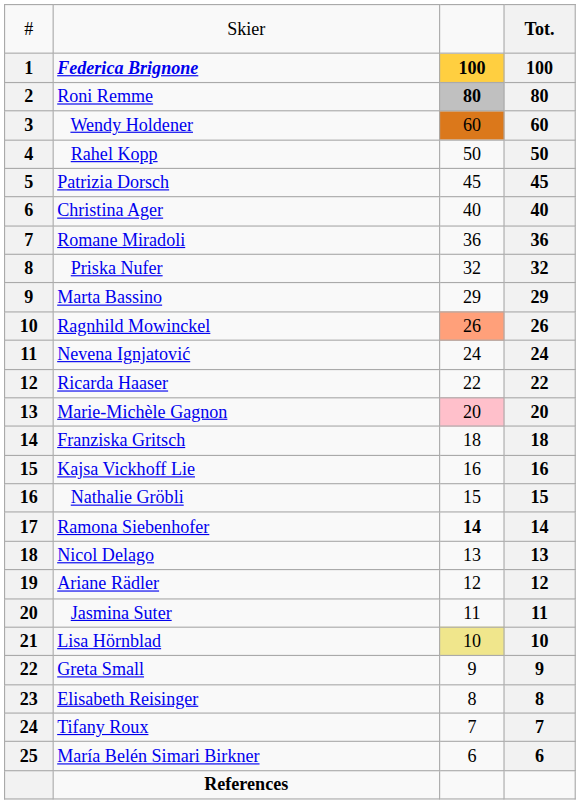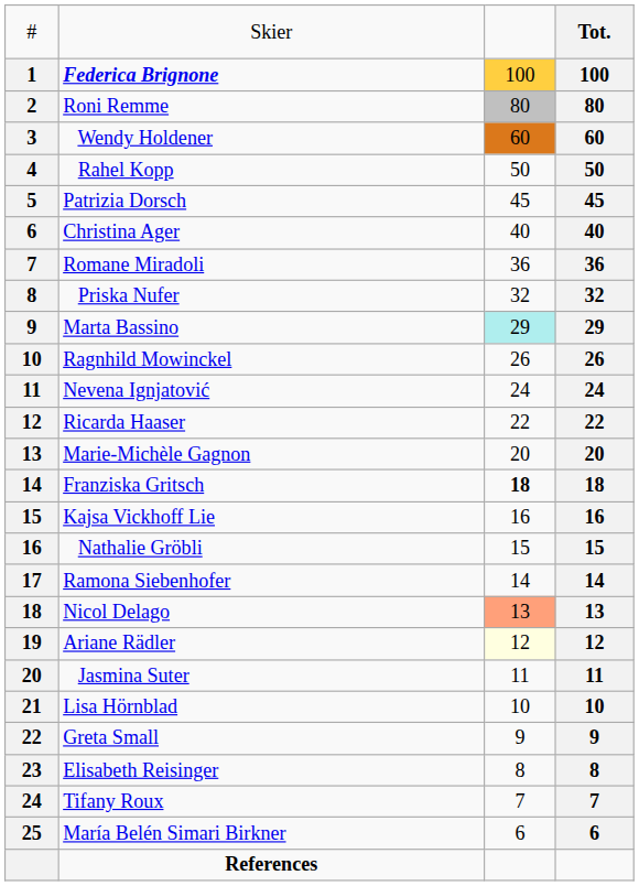 <table class="wikitable" width=40% style="font-size:100%; text-align:center;">
 <tr>
 <td>#</td>
 <td>Skier</td>
 <td><br>   </td>
 <th>Tot.</th>
 </tr>
 <tr>
 <th>1</th>
 <td align=left> <strong><em><a href='#'>Federica Brignone</a></em></strong></td>
-<td bgcolor=ffcf40><strong>100</strong></td>
+<td bgcolor=ffcf40>100</td>
 <th>100</th>
 </tr>
 <tr>
 <th>2</th>
 <td align=left> <a href='#'>Roni Remme</a></td>
-<td bgcolor=c0c0c0><strong>80</strong></td>
+<td bgcolor=c0c0c0>80</td>
 <th>80</th>
 </tr>
 <tr>
 <th>3</th>
 <td align=left>   <a href='#'>Wendy Holdener</a></td>
 <td bgcolor=db781b>60</td>
 <th>60</th>
 </tr>
 <tr>
 <th>4</th>
 <td align=left>   <a href='#'>Rahel Kopp</a></td>
 <td>50</td>
 <th>50</th>
 </tr>
 <tr>
 <th>5</th>
 <td align=left> <a href='#'>Patrizia Dorsch</a></td>
 <td>45</td>
 <th>45</th>
 </tr>
 <tr>
 <th>6</th>
 <td align=left> <a href='#'>Christina Ager</a></td>
 <td>40</td>
 <th>40</th>
 </tr>
 <tr>
 <th>7</th>
 <td align=left> <a href='#'>Romane Miradoli</a></td>
 <td>36</td>
 <th>36</th>
 </tr>
 <tr>
 <th>8</th>
 <td align=left>   <a href='#'>Priska Nufer</a></td>
 <td>32</td>
 <th>32</th>
 </tr>
 <tr>
 <th>9</th>
 <td align=left> <a href='#'>Marta Bassino</a></td>
-<td>29</td>
+<td style="background: paleturquoise;">29</td>
 <th>29</th>
 </tr>
 <tr>
 <th>10</th>
 <td align=left> <a href='#'>Ragnhild Mowinckel</a></td>
-<td style="background: lightsalmon;">26</td>
+<td>26</td>
 <th>26</th>
 </tr>
 <tr>
 <th>11</th>
 <td align=left> <a href='#'>Nevena Ignjatović</a></td>
 <td>24</td>
 <th>24</th>
 </tr>
 <tr>
 <th>12</th>
 <td align=left> <a href='#'>Ricarda Haaser</a></td>
 <td>22</td>
 <th>22</th>
 </tr>
 <tr>
 <th>13</th>
 <td align=left> <a href='#'>Marie-Michèle Gagnon</a></td>
-<td style="background: pink;">20</td>
+<td>20</td>
 <th>20</th>
 </tr>
 <tr>
 <th>14</th>
 <td align=left> <a href='#'>Franziska Gritsch</a></td>
-<td>18</td>
+<td><strong>18</strong></td>
 <th>18</th>
 </tr>
 <tr>
 <th>15</th>
 <td align=left> <a href='#'>Kajsa Vickhoff Lie</a></td>
 <td>16</td>
 <th>16</th>
 </tr>
 <tr>
 <th>16</th>
 <td align=left>   <a href='#'>Nathalie Gröbli</a></td>
 <td>15</td>
 <th>15</th>
 </tr>
 <tr>
 <th>17</th>
 <td align=left> <a href='#'>Ramona Siebenhofer</a></td>
-<td><strong>14</strong></td>
+<td>14</td>
 <th>14</th>
 </tr>
 <tr>
 <th>18</th>
 <td align=left> <a href='#'>Nicol Delago</a></td>
-<td>13</td>
+<td style="background: lightsalmon;">13</td>
 <th>13</th>
 </tr>
 <tr>
 <th>19</th>
 <td align=left> <a href='#'>Ariane Rädler</a></td>
-<td>12</td>
+<td style="background: lightyellow;">12</td>
 <th>12</th>
 </tr>
 <tr>
 <th>20</th>
 <td align=left>   <a href='#'>Jasmina Suter</a></td>
 <td>11</td>
 <th>11</th>
 </tr>
 <tr>
 <th>21</th>
 <td align=left> <a href='#'>Lisa Hörnblad</a></td>
-<td style="background: khaki;">10</td>
+<td>10</td>
 <th>10</th>
 </tr>
 <tr>
 <th>22</th>
 <td align=left> <a href='#'>Greta Small</a></td>
 <td>9</td>
 <th>9</th>
 </tr>
 <tr>
 <th>23</th>
 <td align=left> <a href='#'>Elisabeth Reisinger</a></td>
 <td>8</td>
 <th>8</th>
 </tr>
 <tr>
 <th>24</th>
 <td align=left> <a href='#'>Tifany Roux</a></td>
 <td>7</td>
 <th>7</th>
 </tr>
 <tr>
 <th>25</th>
 <td align=left> <a href='#'>María Belén Simari Birkner</a></td>
 <td>6</td>
 <th>6</th>
 </tr>
 <tr>
 <th></th>
 <td align=center><strong>References</strong></td>
 <td></td>
 </tr>
 </table>
